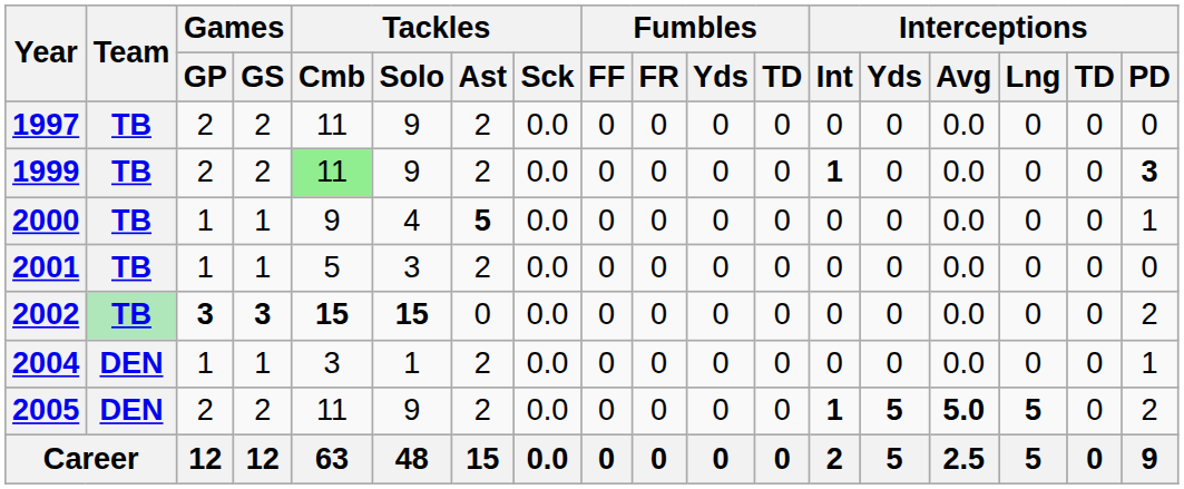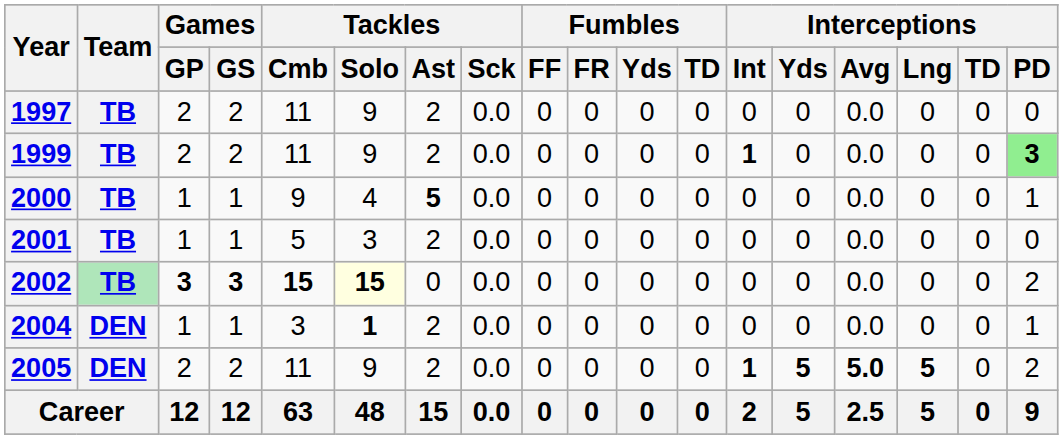 <table class="wikitable" style="text-align:center;">
 <tr>
 <th rowspan="2">Year</th>
 <th rowspan="2">Team</th>
 <th colspan="2">Games</th>
 <th colspan="4">Tackles</th>
 <th colspan="4">Fumbles</th>
 <th colspan="6">Interceptions</th>
 </tr>
 <tr>
 <th>GP</th>
 <th>GS</th>
 <th>Cmb</th>
 <th>Solo</th>
 <th>Ast</th>
 <th>Sck</th>
 <th>FF</th>
 <th>FR</th>
 <th>Yds</th>
 <th>TD</th>
 <th>Int</th>
 <th>Yds</th>
 <th>Avg</th>
 <th>Lng</th>
 <th>TD</th>
 <th>PD</th>
 </tr>
 <tr>
 <th><a href='#'>1997</a></th>
 <th><a href='#'>TB</a></th>
 <td>2</td>
 <td>2</td>
 <td>11</td>
 <td>9</td>
 <td>2</td>
 <td>0.0</td>
 <td>0</td>
 <td>0</td>
 <td>0</td>
 <td>0</td>
 <td>0</td>
 <td>0</td>
 <td>0.0</td>
 <td>0</td>
 <td>0</td>
 <td>0</td>
 </tr>
 <tr>
 <th><a href='#'>1999</a></th>
 <th><a href='#'>TB</a></th>
 <td>2</td>
 <td>2</td>
-<td style="background: lightgreen;">11</td>
+<td>11</td>
 <td>9</td>
 <td>2</td>
 <td>0.0</td>
 <td>0</td>
 <td>0</td>
 <td>0</td>
 <td>0</td>
 <td><strong>1</strong></td>
 <td>0</td>
 <td>0.0</td>
 <td>0</td>
 <td>0</td>
-<td><strong>3</strong></td>
+<td style="background: lightgreen;"><strong>3</strong></td>
 </tr>
 <tr>
 <th><a href='#'>2000</a></th>
 <th><a href='#'>TB</a></th>
 <td>1</td>
 <td>1</td>
 <td>9</td>
 <td>4</td>
 <td><strong>5</strong></td>
 <td>0.0</td>
 <td>0</td>
 <td>0</td>
 <td>0</td>
 <td>0</td>
 <td>0</td>
 <td>0</td>
 <td>0.0</td>
 <td>0</td>
 <td>0</td>
 <td>1</td>
 </tr>
 <tr>
 <th><a href='#'>2001</a></th>
 <th><a href='#'>TB</a></th>
 <td>1</td>
 <td>1</td>
 <td>5</td>
 <td>3</td>
 <td>2</td>
 <td>0.0</td>
 <td>0</td>
 <td>0</td>
 <td>0</td>
 <td>0</td>
 <td>0</td>
 <td>0</td>
 <td>0.0</td>
 <td>0</td>
 <td>0</td>
 <td>0</td>
 </tr>
 <tr>
 <th><a href='#'>2002</a></th>
 <th style="background:#afe6ba;"><a href='#'>TB</a></th>
 <td><strong>3</strong></td>
 <td><strong>3</strong></td>
 <td><strong>15</strong></td>
-<td><strong>15</strong></td>
+<td style="background: lightyellow;"><strong>15</strong></td>
 <td>0</td>
 <td>0.0</td>
 <td>0</td>
 <td>0</td>
 <td>0</td>
 <td>0</td>
 <td>0</td>
 <td>0</td>
 <td>0.0</td>
 <td>0</td>
 <td>0</td>
 <td>2</td>
 </tr>
 <tr>
 <th><a href='#'>2004</a></th>
 <th><a href='#'>DEN</a></th>
 <td>1</td>
 <td>1</td>
 <td>3</td>
-<td>1</td>
+<td><strong>1</strong></td>
 <td>2</td>
 <td>0.0</td>
 <td>0</td>
 <td>0</td>
 <td>0</td>
 <td>0</td>
 <td>0</td>
 <td>0</td>
 <td>0.0</td>
 <td>0</td>
 <td>0</td>
 <td>1</td>
 </tr>
 <tr>
 <th><a href='#'>2005</a></th>
 <th><a href='#'>DEN</a></th>
 <td>2</td>
 <td>2</td>
 <td>11</td>
 <td>9</td>
 <td>2</td>
 <td>0.0</td>
 <td>0</td>
 <td>0</td>
 <td>0</td>
 <td>0</td>
 <td><strong>1</strong></td>
 <td><strong>5</strong></td>
 <td><strong>5.0</strong></td>
 <td><strong>5</strong></td>
 <td>0</td>
 <td>2</td>
 </tr>
 <tr>
 <th colspan="2">Career</th>
 <th>12</th>
 <th>12</th>
 <th>63</th>
 <th>48</th>
 <th>15</th>
 <th>0.0</th>
 <th>0</th>
 <th>0</th>
 <th>0</th>
 <th>0</th>
 <th>2</th>
 <th>5</th>
 <th>2.5</th>
 <th>5</th>
 <th>0</th>
 <th>9</th>
 </tr>
 </table>
